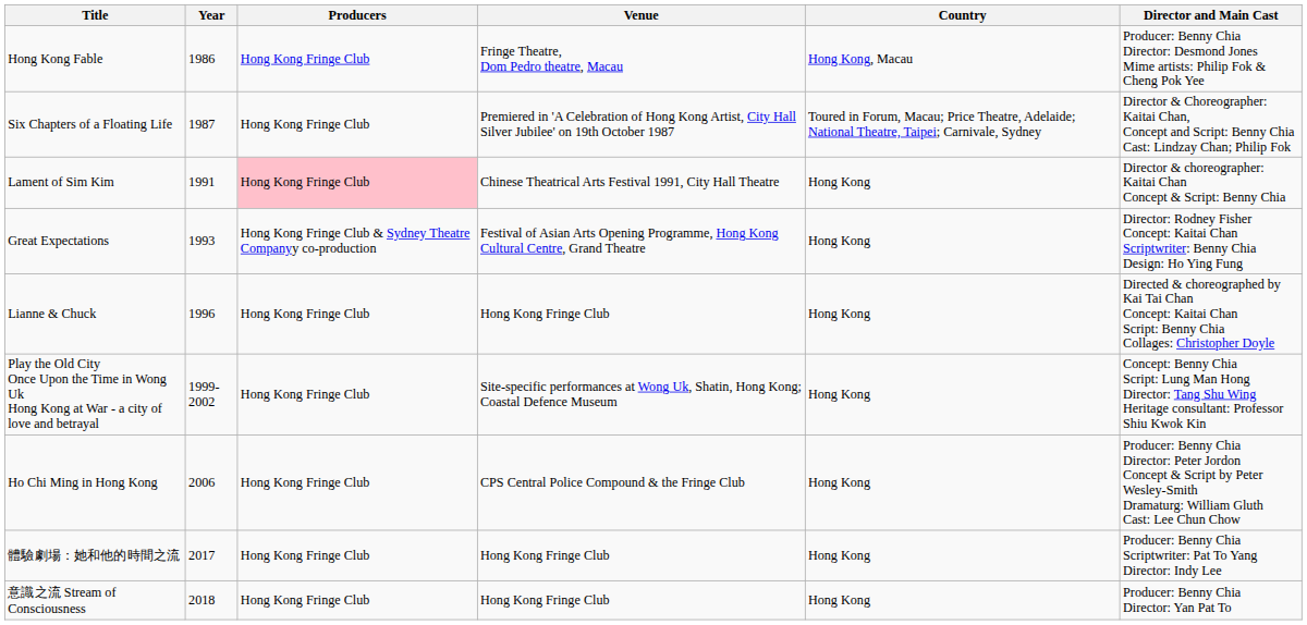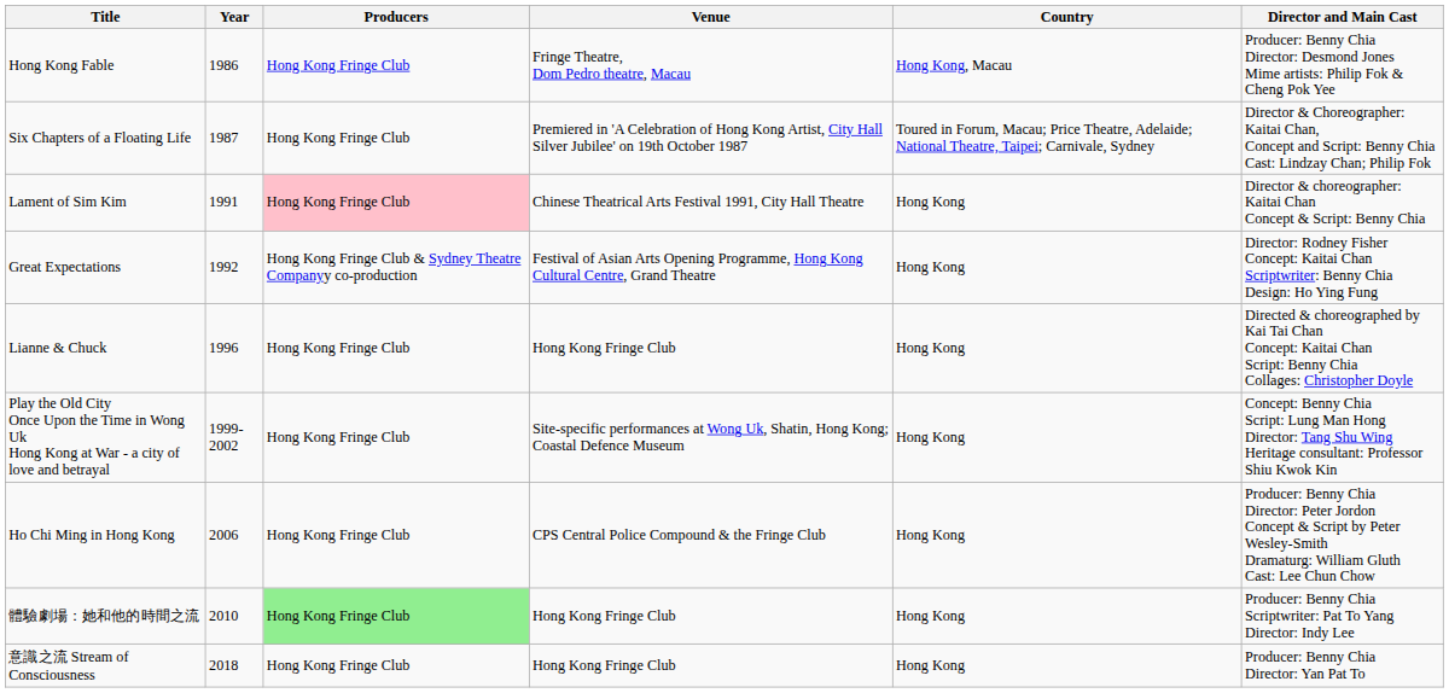 <table class="wikitable">
 <tr>
 <th>Title</th>
 <th>Year</th>
 <th>Producers</th>
 <th>Venue</th>
 <th>Country</th>
 <th>Director and Main Cast</th>
 </tr>
 <tr>
 <td>Hong Kong Fable</td>
 <td>1986</td>
 <td><a href='#'>Hong Kong Fringe Club</a></td>
 <td>Fringe Theatre,<br><a href='#'>Dom Pedro theatre</a>, <a href='#'>Macau</a></td>
 <td><a href='#'>Hong Kong</a>, Macau</td>
 <td>Producer: Benny Chia<br>Director: Desmond Jones<br>Mime artists: Philip Fok & Cheng Pok Yee<br></td>
 </tr>
 <tr>
 <td>Six Chapters of a Floating Life</td>
 <td>1987</td>
 <td>Hong Kong Fringe Club</td>
 <td>Premiered in 'A Celebration of Hong Kong Artist, <a href='#'>City Hall</a> Silver Jubilee' on 19th October 1987</td>
 <td>Toured  in Forum, Macau; Price Theatre, Adelaide; <a href='#'>National Theatre, Taipei</a>; Carnivale, Sydney</td>
 <td>Director & Choreographer: Kaitai Chan,<br>Concept and Script: Benny Chia<br>Cast: Lindzay Chan; Philip Fok</td>
 </tr>
 <tr>
 <td>Lament of Sim Kim</td>
 <td>1991</td>
 <td style="background: pink;">Hong Kong Fringe Club</td>
 <td>Chinese Theatrical Arts Festival 1991, City Hall Theatre</td>
 <td>Hong Kong</td>
 <td>Director & choreographer: Kaitai Chan<br>Concept & Script: Benny Chia</td>
 </tr>
 <tr>
 <td>Great Expectations</td>
-<td>1993</td>
+<td>1992</td>
 <td>Hong Kong Fringe Club & <a href='#'>Sydney Theatre Company</a>y co-production</td>
 <td>Festival of Asian Arts Opening Programme, <a href='#'>Hong Kong Cultural Centre</a>, Grand Theatre</td>
 <td>Hong Kong</td>
 <td>Director: Rodney Fisher<br>Concept: Kaitai Chan<br><a href='#'>Scriptwriter</a>: Benny Chia<br>Design: Ho Ying Fung</td>
 </tr>
 <tr>
 <td>Lianne & Chuck</td>
 <td>1996</td>
 <td>Hong Kong Fringe Club</td>
 <td>Hong Kong Fringe Club</td>
 <td>Hong Kong</td>
 <td>Directed & choreographed by Kai Tai Chan<br>Concept: Kaitai Chan<br>Script: Benny Chia<br>Collages: <a href='#'>Christopher Doyle</a></td>
 </tr>
 <tr>
 <td>Play the Old City<br>Once Upon the Time in Wong Uk<br>Hong Kong at War - a city of love and betrayal</td>
 <td>1999-2002</td>
 <td>Hong Kong Fringe Club</td>
 <td>Site-specific performances at <a href='#'>Wong Uk</a>, Shatin, Hong Kong; Coastal Defence Museum</td>
 <td>Hong Kong</td>
 <td>Concept: Benny Chia<br>Script: Lung Man Hong<br>Director: <a href='#'>Tang Shu Wing</a><br>Heritage consultant: Professor Shiu Kwok Kin</td>
 </tr>
 <tr>
 <td>Ho Chi Ming in Hong Kong</td>
 <td>2006</td>
 <td>Hong Kong Fringe Club</td>
 <td>CPS Central Police Compound & the Fringe Club</td>
 <td>Hong Kong</td>
 <td>Producer: Benny Chia<br>Director: Peter Jordon<br>Concept & Script by Peter Wesley-Smith<br>Dramaturg: William Gluth<br>Cast: Lee Chun Chow</td>
 </tr>
 <tr>
 <td>體驗劇場：她和他的時間之流</td>
-<td>2017</td>
-<td>Hong Kong Fringe Club</td>
+<td>2010</td>
+<td style="background: lightgreen;">Hong Kong Fringe Club</td>
 <td>Hong Kong Fringe Club</td>
 <td>Hong Kong</td>
 <td>Producer: Benny Chia<br>Scriptwriter: Pat To Yang<br>Director: Indy Lee</td>
 </tr>
 <tr>
 <td>意識之流 Stream of Consciousness</td>
 <td>2018</td>
 <td>Hong Kong Fringe Club</td>
 <td>Hong Kong Fringe Club</td>
 <td>Hong Kong</td>
 <td>Producer: Benny Chia<br>Director: Yan Pat To</td>
 </tr>
 </table>
